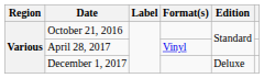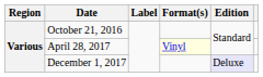 <table class="wikitable plainrowheaders">
 <tr>
 <th scope="col">Region</th>
 <th scope="col">Date</th>
 <th scope="col">Label</th>
 <th scope="col">Format(s)</th>
 <th scope="col">Edition</th>
 <th scope="col"></th>
 </tr>
 <tr>
 <th scope="row" rowspan="3">Various</th>
 <td>October 21, 2016</td>
 <td rowspan="3"></td>
 <td></td>
 <td rowspan="2">Standard</td>
 <td></td>
 </tr>
 <tr>
 <td>April 28, 2017</td>
-<td><a href='#'>Vinyl</a></td>
+<td style="background: lightyellow;"><a href='#'>Vinyl</a></td>
 <td></td>
 </tr>
 <tr>
 <td>December 1, 2017</td>
 <td></td>
-<td>Deluxe</td>
+<td style="background: lavender;">Deluxe</td>
 <td></td>
 </tr>
 </table>
